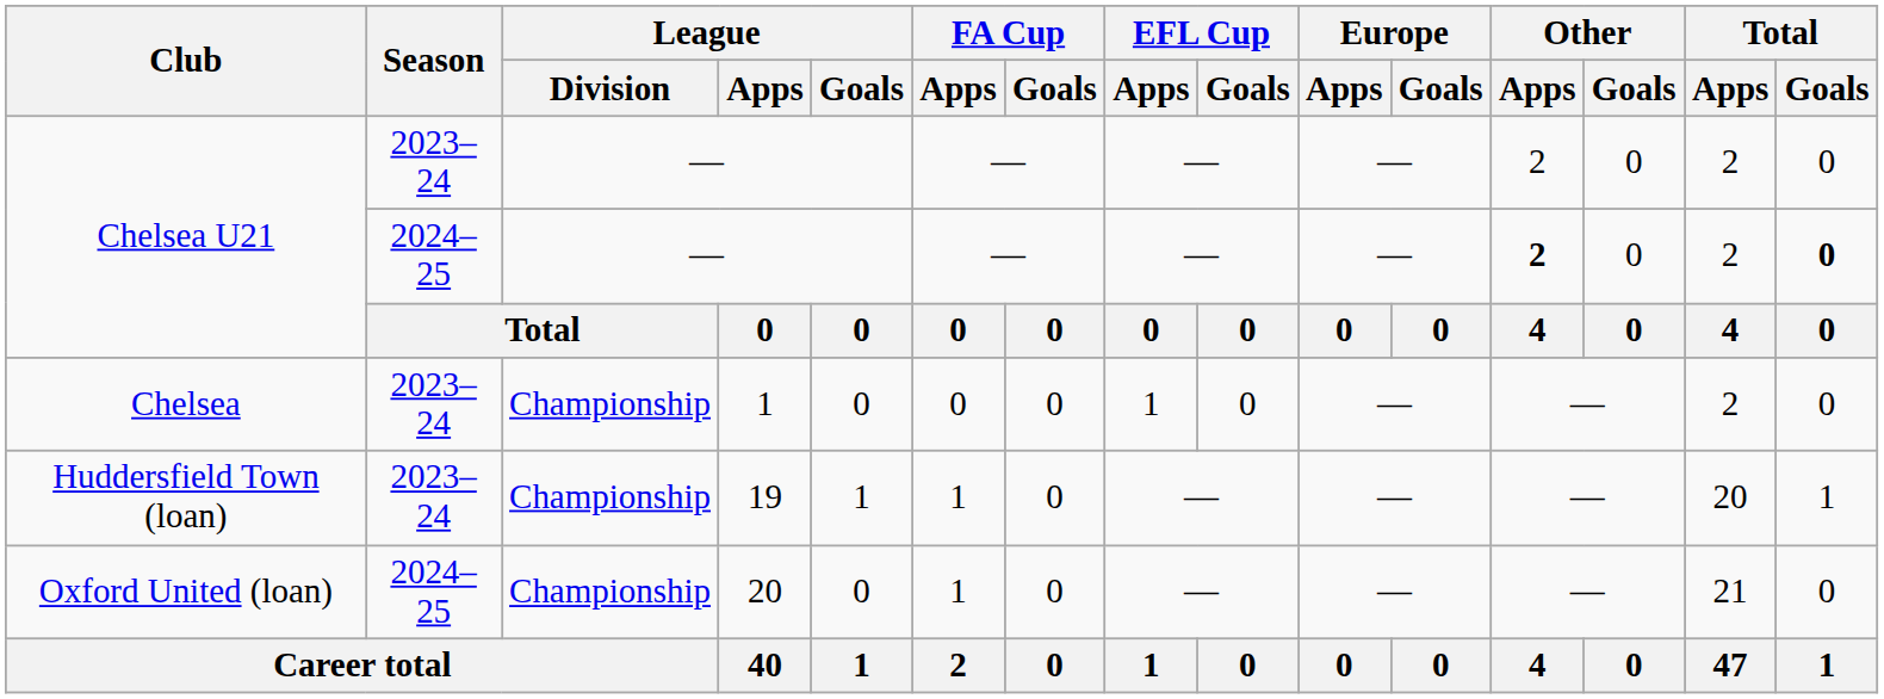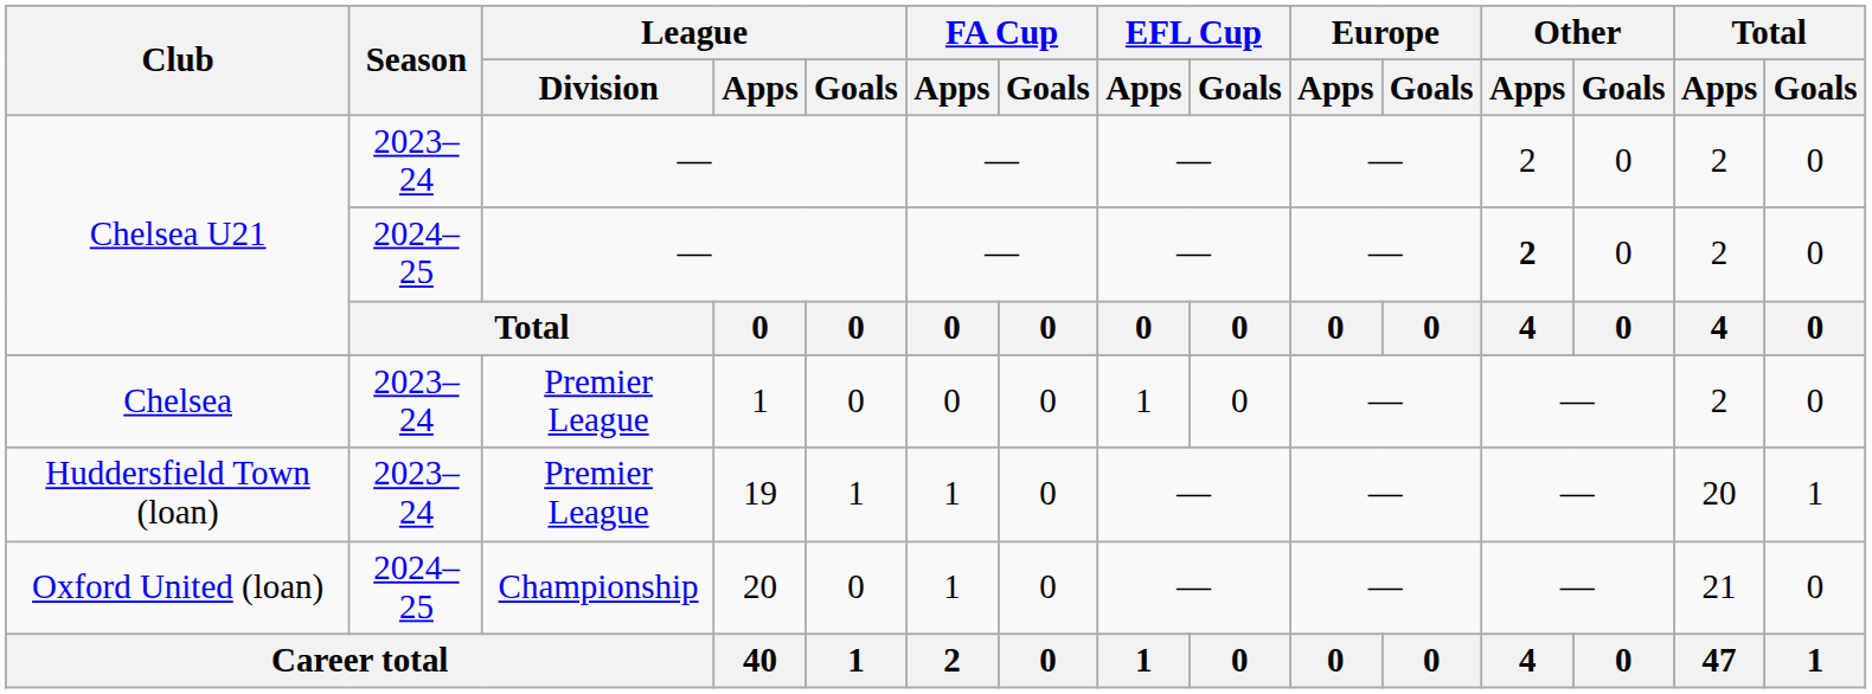 <table class=wikitable style=text-align:center>
 <tr>
 <th rowspan=2>Club</th>
 <th rowspan=2>Season</th>
 <th colspan=3>League</th>
 <th colspan=2><a href='#'>FA Cup</a></th>
 <th colspan=2><a href='#'>EFL Cup</a></th>
 <th colspan=2>Europe</th>
 <th colspan=2>Other</th>
 <th colspan=2>Total</th>
 </tr>
 <tr>
 <th>Division</th>
 <th>Apps</th>
 <th>Goals</th>
 <th>Apps</th>
 <th>Goals</th>
 <th>Apps</th>
 <th>Goals</th>
 <th>Apps</th>
 <th>Goals</th>
 <th>Apps</th>
 <th>Goals</th>
 <th>Apps</th>
 <th>Goals</th>
 </tr>
 <tr>
 <td rowspan=3><a href='#'>Chelsea U21</a></td>
 <td><a href='#'>2023–24</a></td>
 <td colspan=3>—</td>
 <td colspan=2>—</td>
 <td colspan=2>—</td>
 <td colspan=2>—</td>
 <td>2</td>
 <td>0</td>
 <td>2</td>
 <td>0</td>
 </tr>
 <tr>
 <td><a href='#'>2024–25</a></td>
 <td colspan=3>—</td>
 <td colspan=2>—</td>
 <td colspan=2>—</td>
 <td colspan=2>—</td>
 <td><strong>2</strong></td>
 <td>0</td>
 <td>2</td>
-<td><strong>0</strong></td>
+<td>0</td>
 </tr>
 <tr>
 <th colspan=2>Total</th>
 <th>0</th>
 <th>0</th>
 <th>0</th>
 <th>0</th>
 <th>0</th>
 <th>0</th>
 <th>0</th>
 <th>0</th>
 <th>4</th>
 <th>0</th>
 <th>4</th>
 <th>0</th>
 </tr>
 <tr>
 <td><a href='#'>Chelsea</a></td>
 <td><a href='#'>2023–24</a></td>
-<td><a href='#'>Championship</a></td>
+<td><a href='#'>Premier League</a></td>
 <td>1</td>
 <td>0</td>
 <td>0</td>
 <td>0</td>
 <td>1</td>
 <td>0</td>
 <td colspan=2>—</td>
 <td colspan=2>—</td>
 <td>2</td>
 <td>0</td>
 </tr>
 <tr>
 <td><a href='#'>Huddersfield Town</a> (loan)</td>
 <td><a href='#'>2023–24</a></td>
-<td><a href='#'>Championship</a></td>
+<td><a href='#'>Premier League</a></td>
 <td>19</td>
 <td>1</td>
 <td>1</td>
 <td>0</td>
 <td colspan="2">—</td>
 <td colspan="2">—</td>
 <td colspan="2">—</td>
 <td>20</td>
 <td>1</td>
 </tr>
 <tr>
 <td><a href='#'>Oxford United</a> (loan)</td>
 <td><a href='#'>2024–25</a></td>
 <td><a href='#'>Championship</a></td>
 <td>20</td>
 <td>0</td>
 <td>1</td>
 <td>0</td>
 <td colspan="2">—</td>
 <td colspan="2">—</td>
 <td colspan="2">—</td>
 <td>21</td>
 <td>0</td>
 </tr>
 <tr>
 <th colspan="3">Career total</th>
 <th>40</th>
 <th>1</th>
 <th>2</th>
 <th>0</th>
 <th>1</th>
 <th>0</th>
 <th>0</th>
 <th>0</th>
 <th>4</th>
 <th>0</th>
 <th>47</th>
 <th>1</th>
 </tr>
 </table>
